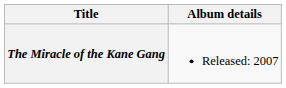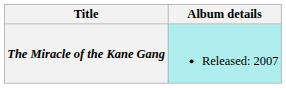 <table class="wikitable plainrowheaders" style="text-align:center;" border="1">
 <tr>
 <th>Title</th>
 <th>Album details</th>
 </tr>
 <tr>
 <th scope="row"><em>The Miracle of the Kane Gang</em></th>
-<td><br><ul><li>Released: 2007</li></ul></td>
+<td style="background: paleturquoise;"><br><ul><li>Released: 2007</li></ul></td>
 </tr>
 </table>
